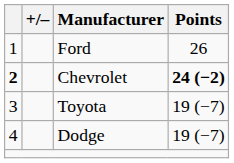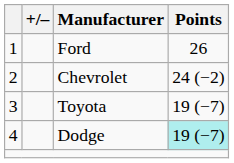 <table class="wikitable" style="font-size: 95%;">
 <tr>
 <th scope="col"></th>
 <th scope="col">+/–</th>
 <th scope="col">Manufacturer</th>
 <th scope="col">Points</th>
 </tr>
 <tr>
 <td>1</td>
 <td></td>
 <td>Ford</td>
 <td style="text-align:center;">26</td>
 </tr>
 <tr>
-<td><strong>2</strong></td>
+<td>2</td>
 <td></td>
 <td>Chevrolet</td>
-<td style="text-align:center;"><strong>24 (−2)</strong></td>
+<td style="text-align:center;">24 (−2)</td>
 </tr>
 <tr>
 <td>3</td>
 <td></td>
 <td>Toyota</td>
 <td style="text-align:center;">19 (−7)</td>
 </tr>
 <tr>
 <td>4</td>
 <td></td>
 <td>Dodge</td>
-<td style="text-align:center;">19 (−7)</td>
+<td style="background: paleturquoise; text-align:center;">19 (−7)</td>
 </tr>
 <tr class="sortbottom">
 <td colspan="9"></td>
 </tr>
 </table>
